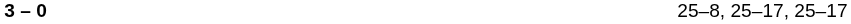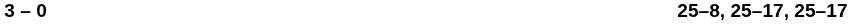 <table width=100% cellspacing=1>
 <tr>
 <th width=20%></th>
 <th width=12%></th>
 <th width=20%></th>
 <th width=33%></th>
 <td></td>
 </tr>
 <tr style=font-size:95%>
 <td align=right><strong></strong></td>
 <td align=center><strong>3 – 0</strong></td>
 <td></td>
-<td>25–8, 25–17, 25–17</td>
+<td><strong>25–8, 25–17, 25–17</strong></td>
 </tr>
 </table>
